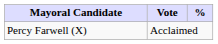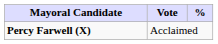 <table class="wikitable">
 <tr>
 <th style="background:#ddf; width:200px;">Mayoral Candidate</th>
 <th style="background:#ddf; width:50px;">Vote</th>
 <th style="background:#ddf; width:30px;">%</th>
 </tr>
 <tr>
-<td>Percy Farwell (X)</td>
+<td><strong>Percy Farwell (X)</strong></td>
 <td colspan="2">Acclaimed</td>
 </tr>
 </table>
